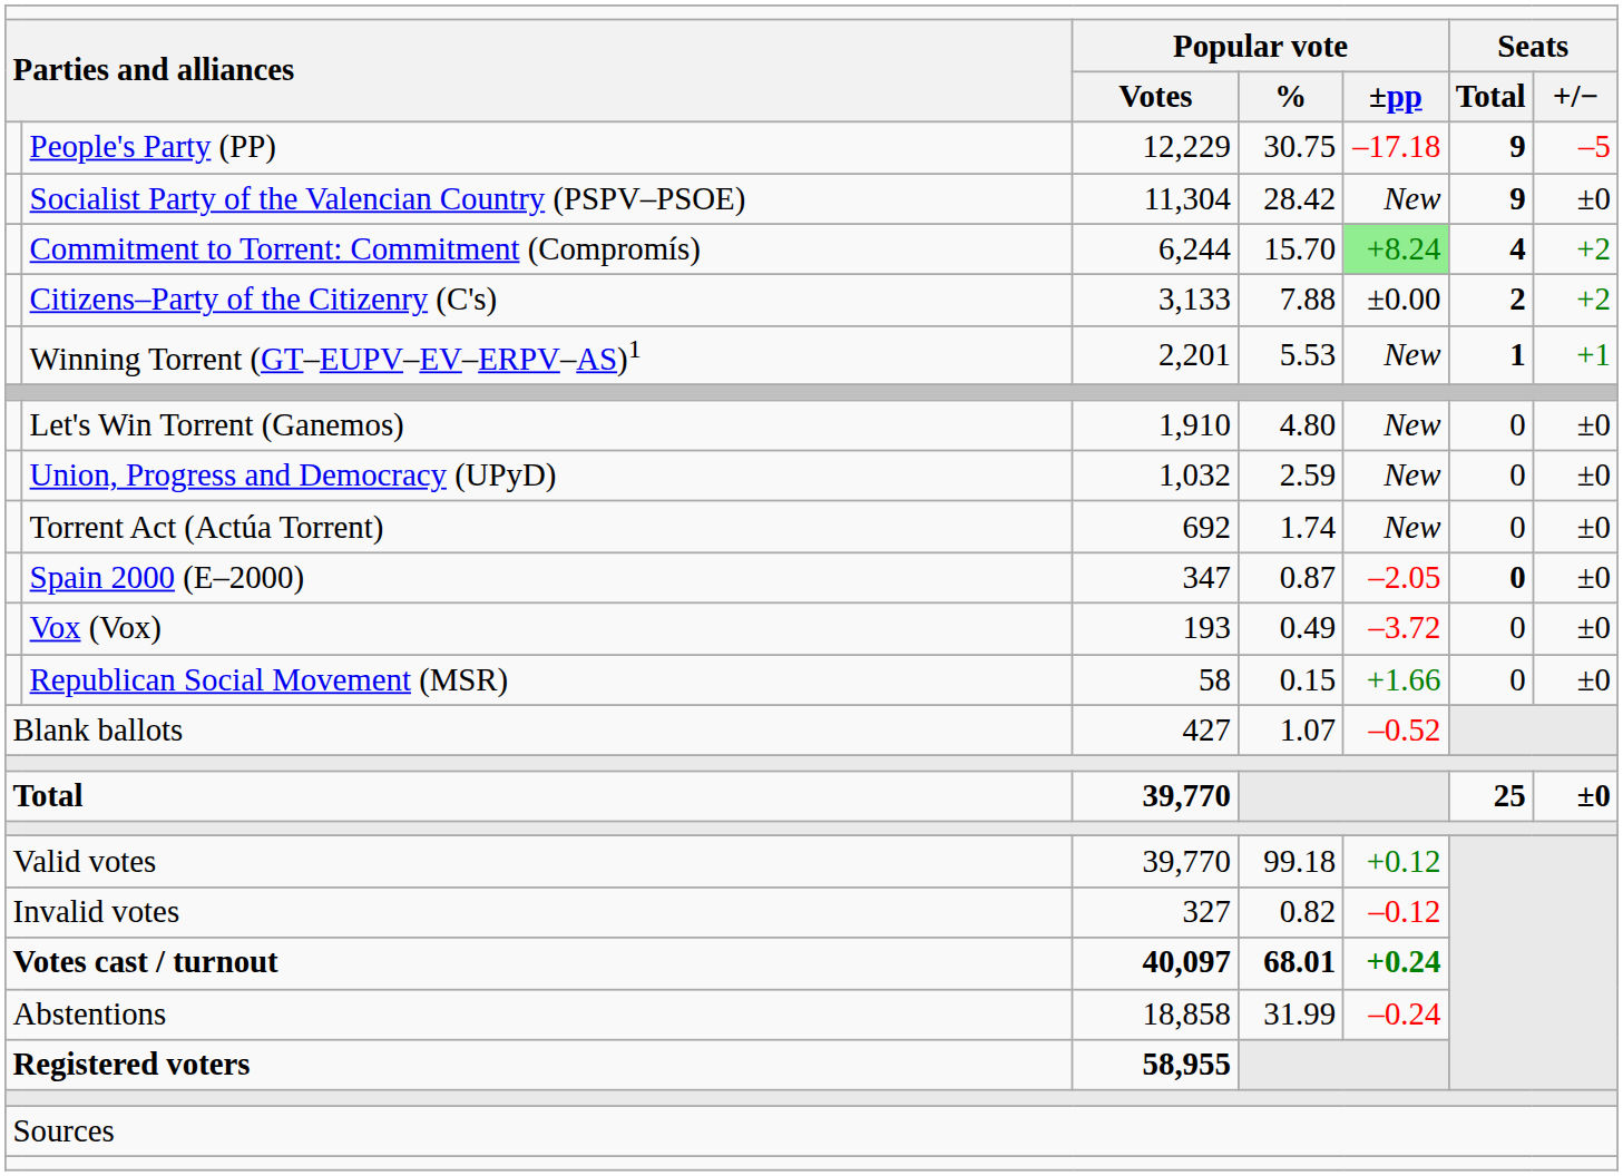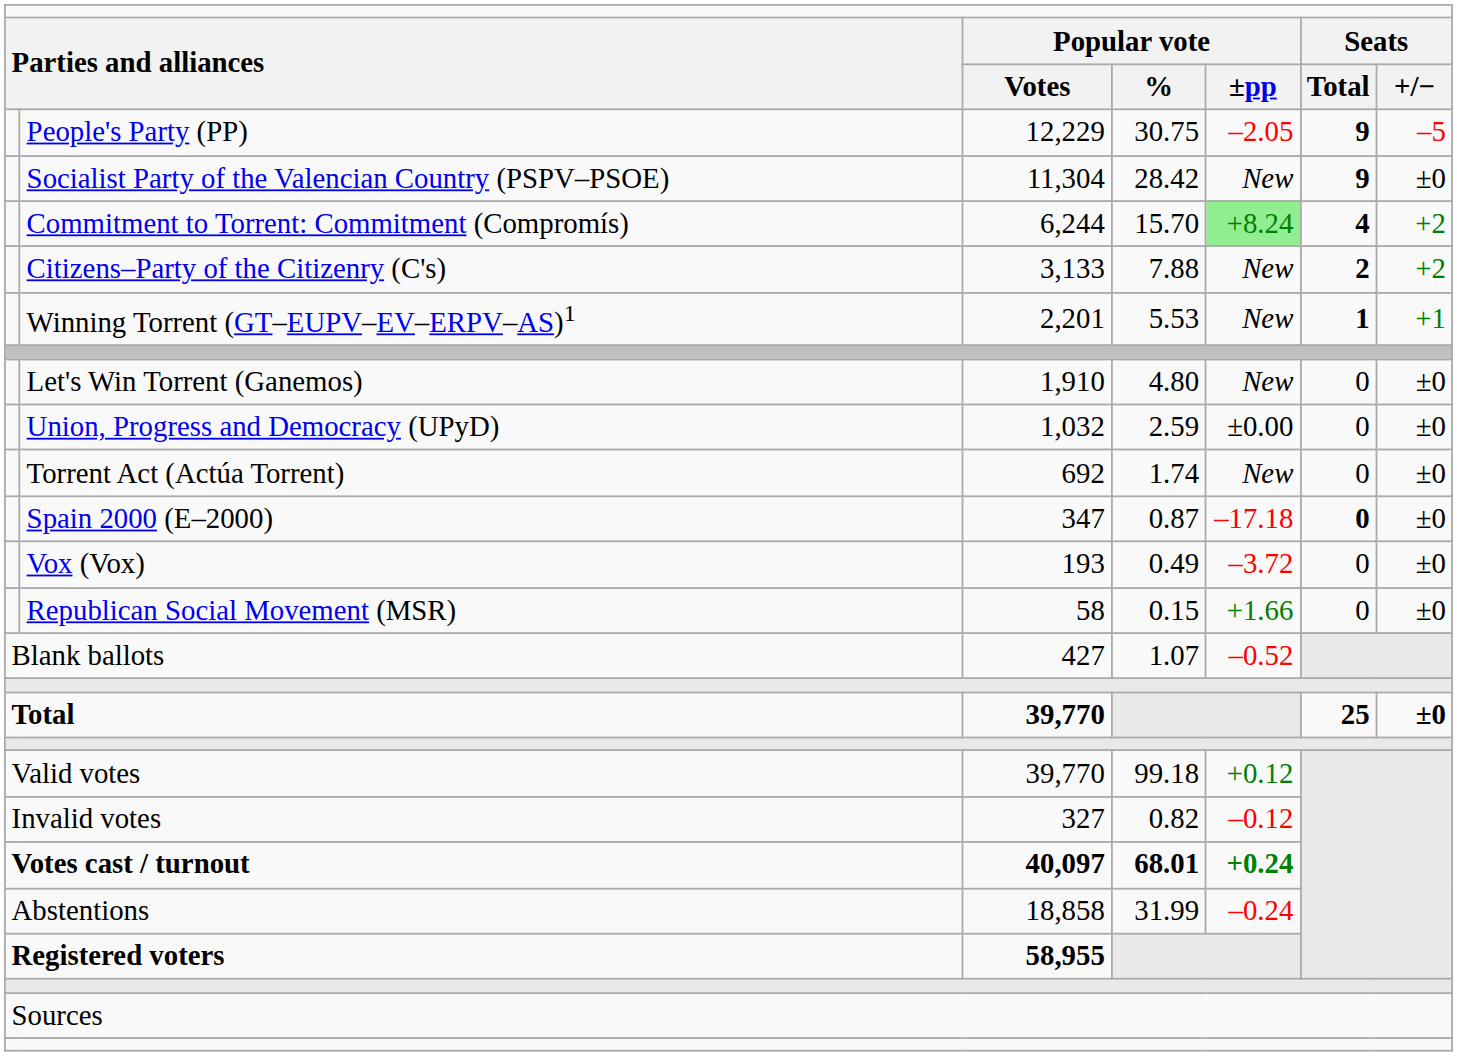 <table class="wikitable" style="text-align:right;">
 <tr>
 <td colspan="7"></td>
 </tr>
 <tr>
 <th style="text-align:left;" rowspan="2" colspan="2" width="525">Parties and alliances</th>
 <th colspan="3">Popular vote</th>
 <th colspan="2">Seats</th>
 </tr>
 <tr>
 <th width="75">Votes</th>
 <th width="45">%</th>
 <th width="45">±<a href='#'>pp</a></th>
 <th width="35">Total</th>
 <th width="35">+/−</th>
 </tr>
 <tr>
 <td width="1" style="color:inherit;background:"></td>
 <td align="left"><a href='#'>People's Party</a> (PP)</td>
 <td>12,229</td>
 <td>30.75</td>
-<td style="color:red;">–17.18</td>
+<td style="color:red;">–2.05</td>
 <td><strong>9</strong></td>
 <td style="color:red;">–5</td>
 </tr>
 <tr>
 <td style="color:inherit;background:"></td>
 <td align="left"><a href='#'>Socialist Party of the Valencian Country</a> (PSPV–PSOE)</td>
 <td>11,304</td>
 <td>28.42</td>
 <td><em>New</em></td>
 <td><strong>9</strong></td>
 <td>±0</td>
 </tr>
 <tr>
 <td style="color:inherit;background:"></td>
 <td align="left"><a href='#'>Commitment to Torrent: Commitment</a> (Compromís)</td>
 <td>6,244</td>
 <td>15.70</td>
 <td style="background: lightgreen; color:green;">+8.24</td>
 <td><strong>4</strong></td>
 <td style="color:green;">+2</td>
 </tr>
 <tr>
 <td style="color:inherit;background:"></td>
 <td align="left"><a href='#'>Citizens–Party of the Citizenry</a> (C's)</td>
 <td>3,133</td>
 <td>7.88</td>
-<td>±0.00</td>
+<td><em>New</em></td>
 <td><strong>2</strong></td>
 <td style="color:green;">+2</td>
 </tr>
 <tr>
 <td style="color:inherit;background:"></td>
 <td align="left">Winning Torrent (<a href='#'>GT</a>–<a href='#'>EUPV</a>–<a href='#'>EV</a>–<a href='#'>ERPV</a>–<a href='#'>AS</a>)<sup>1</sup></td>
 <td>2,201</td>
 <td>5.53</td>
 <td><em>New</em></td>
 <td><strong>1</strong></td>
 <td style="color:green;">+1</td>
 </tr>
 <tr>
 <td colspan="7" bgcolor="#C0C0C0"></td>
 </tr>
 <tr>
 <td style="color:inherit;background:"></td>
 <td align="left">Let's Win Torrent (Ganemos)</td>
 <td>1,910</td>
 <td>4.80</td>
 <td><em>New</em></td>
 <td>0</td>
 <td>±0</td>
 </tr>
 <tr>
 <td style="color:inherit;background:"></td>
 <td align="left"><a href='#'>Union, Progress and Democracy</a> (UPyD)</td>
 <td>1,032</td>
 <td>2.59</td>
-<td><em>New</em></td>
+<td>±0.00</td>
 <td>0</td>
 <td>±0</td>
 </tr>
 <tr>
 <td style="color:inherit;background:"></td>
 <td align="left">Torrent Act (Actúa Torrent)</td>
 <td>692</td>
 <td>1.74</td>
 <td><em>New</em></td>
 <td>0</td>
 <td>±0</td>
 </tr>
 <tr>
 <td style="color:inherit;background:"></td>
 <td align="left"><a href='#'>Spain 2000</a> (E–2000)</td>
 <td>347</td>
 <td>0.87</td>
-<td style="color:red;">–2.05</td>
+<td style="color:red;">–17.18</td>
 <td><strong>0</strong></td>
 <td>±0</td>
 </tr>
 <tr>
 <td style="color:inherit;background:"></td>
 <td align="left"><a href='#'>Vox</a> (Vox)</td>
 <td>193</td>
 <td>0.49</td>
 <td style="color:red;">–3.72</td>
 <td>0</td>
 <td>±0</td>
 </tr>
 <tr>
 <td style="color:inherit;background:"></td>
 <td align="left"><a href='#'>Republican Social Movement</a> (MSR)</td>
 <td>58</td>
 <td>0.15</td>
 <td style="color:green;">+1.66</td>
 <td>0</td>
 <td>±0</td>
 </tr>
 <tr>
 <td align="left" colspan="2">Blank ballots</td>
 <td>427</td>
 <td>1.07</td>
 <td style="color:red;">–0.52</td>
 <td bgcolor="#E9E9E9" colspan="2"></td>
 </tr>
 <tr>
 <td colspan="7" bgcolor="#E9E9E9"></td>
 </tr>
 <tr style="font-weight:bold;">
 <td align="left" colspan="2">Total</td>
 <td>39,770</td>
 <td bgcolor="#E9E9E9" colspan="2"></td>
 <td>25</td>
 <td>±0</td>
 </tr>
 <tr>
 <td colspan="7" bgcolor="#E9E9E9"></td>
 </tr>
 <tr>
 <td align="left" colspan="2">Valid votes</td>
 <td>39,770</td>
 <td>99.18</td>
 <td style="color:green;">+0.12</td>
 <td bgcolor="#E9E9E9" colspan="2" rowspan="5"></td>
 </tr>
 <tr>
 <td align="left" colspan="2">Invalid votes</td>
 <td>327</td>
 <td>0.82</td>
 <td style="color:red;">–0.12</td>
 </tr>
 <tr style="font-weight:bold;">
 <td align="left" colspan="2">Votes cast / turnout</td>
 <td>40,097</td>
 <td>68.01</td>
 <td style="color:green;">+0.24</td>
 </tr>
 <tr>
 <td align="left" colspan="2">Abstentions</td>
 <td>18,858</td>
 <td>31.99</td>
 <td style="color:red;">–0.24</td>
 </tr>
 <tr style="font-weight:bold;">
 <td align="left" colspan="2">Registered voters</td>
 <td>58,955</td>
 <td bgcolor="#E9E9E9" colspan="2"></td>
 </tr>
 <tr>
 <td colspan="7" bgcolor="#E9E9E9"></td>
 </tr>
 <tr>
 <td align="left" colspan="7">Sources</td>
 </tr>
 <tr>
 <td colspan="7" style="text-align:left; max-width:790px;"></td>
 </tr>
 </table>
